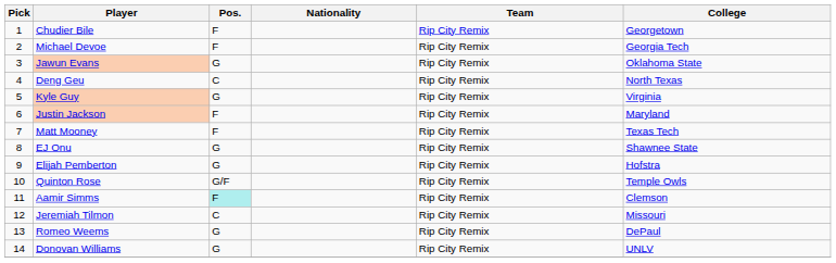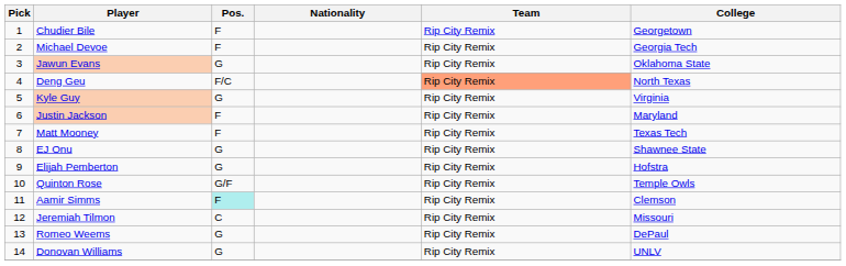 <table class="wikitable sortable">
 <tr>
 <th width="1%">Pick</th>
 <th width="17%">Player</th>
 <th width="4%">Pos.</th>
 <th width="16%">Nationality</th>
 <th width="20%" class="unsortable">Team</th>
 <th width="20%">College</th>
 </tr>
 <tr>
 <td align=center>1</td>
 <td><a href='#'>Chudier Bile</a></td>
 <td>F</td>
 <td></td>
 <td><a href='#'>Rip City Remix</a></td>
 <td><a href='#'>Georgetown</a></td>
 </tr>
 <tr>
 <td align=center>2</td>
 <td><a href='#'>Michael Devoe</a></td>
 <td>F</td>
 <td></td>
 <td>Rip City Remix</td>
 <td><a href='#'>Georgia Tech</a></td>
 </tr>
 <tr>
 <td align=center>3</td>
 <td style="background-color:#FBCEB1"><a href='#'>Jawun Evans</a></td>
 <td>G</td>
 <td></td>
 <td>Rip City Remix</td>
 <td><a href='#'>Oklahoma State</a></td>
 </tr>
 <tr>
 <td align=center>4</td>
 <td><a href='#'>Deng Geu</a></td>
-<td>C</td>
+<td>F/C</td>
 <td></td>
-<td>Rip City Remix</td>
+<td style="background: lightsalmon;">Rip City Remix</td>
 <td><a href='#'>North Texas</a></td>
 </tr>
 <tr>
 <td align=center>5</td>
 <td style="background-color:#FBCEB1"><a href='#'>Kyle Guy</a></td>
 <td>G</td>
 <td></td>
 <td>Rip City Remix</td>
 <td><a href='#'>Virginia</a></td>
 </tr>
 <tr>
 <td align=center>6</td>
 <td style="background-color:#FBCEB1"><a href='#'>Justin Jackson</a></td>
 <td>F</td>
 <td></td>
 <td>Rip City Remix</td>
 <td><a href='#'>Maryland</a></td>
 </tr>
 <tr>
 <td align=center>7</td>
 <td><a href='#'>Matt Mooney</a></td>
 <td>F</td>
 <td></td>
 <td>Rip City Remix</td>
 <td><a href='#'>Texas Tech</a></td>
 </tr>
 <tr>
 <td align=center>8</td>
 <td><a href='#'>EJ Onu</a></td>
 <td>G</td>
 <td></td>
 <td>Rip City Remix</td>
 <td><a href='#'>Shawnee State</a></td>
 </tr>
 <tr>
 <td align=center>9</td>
 <td><a href='#'>Elijah Pemberton</a></td>
 <td>G</td>
 <td></td>
 <td>Rip City Remix</td>
 <td><a href='#'>Hofstra</a></td>
 </tr>
 <tr>
 <td align=center>10</td>
 <td><a href='#'>Quinton Rose</a></td>
 <td>G/F</td>
 <td></td>
 <td>Rip City Remix</td>
 <td><a href='#'>Temple Owls</a></td>
 </tr>
 <tr>
 <td align=center>11</td>
 <td><a href='#'>Aamir Simms</a></td>
 <td style="background: paleturquoise;">F</td>
 <td></td>
 <td>Rip City Remix</td>
 <td><a href='#'>Clemson</a></td>
 </tr>
 <tr>
 <td align=center>12</td>
 <td><a href='#'>Jeremiah Tilmon</a></td>
 <td>C</td>
 <td></td>
 <td>Rip City Remix</td>
 <td><a href='#'>Missouri</a></td>
 </tr>
 <tr>
 <td align=center>13</td>
 <td><a href='#'>Romeo Weems</a></td>
 <td>G</td>
 <td></td>
 <td>Rip City Remix</td>
 <td><a href='#'>DePaul</a></td>
 </tr>
 <tr>
 <td align=center>14</td>
 <td><a href='#'>Donovan Williams</a></td>
 <td>G</td>
 <td></td>
 <td>Rip City Remix</td>
 <td><a href='#'>UNLV</a></td>
 </tr>
 <tr>
 </tr>
 </table>
